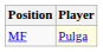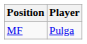 <table class="wikitable sortable">
 <tr>
 <th>Position</th>
 <th>Player</th>
 </tr>
 <tr>
 <td><a href='#'>MF</a></td>
-<td style="background: lightyellow;"> <a href='#'>Pulga</a></td>
+<td> <a href='#'>Pulga</a></td>
 </tr>
 </table>
